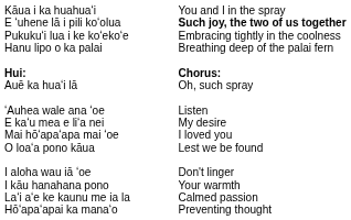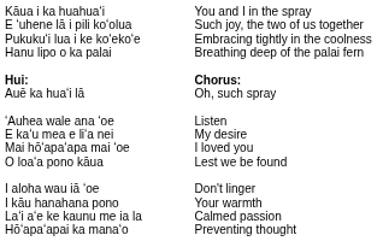 <table cellpadding=0 cellspacing=0>
 <tr>
 <td>Kāua i ka huahuaʻi</td>
 <td>You and I in the spray</td>
 </tr>
 <tr>
 <td>E ʻuhene lā i pili koʻolua</td>
-<td><strong>Such joy, the two of us together</strong></td>
+<td>Such joy, the two of us together</td>
 </tr>
 <tr>
 <td>Pukukuʻi lua i ke koʻekoʻe</td>
 <td>Embracing tightly in the coolness</td>
 </tr>
 <tr>
 <td>Hanu lipo o ka palai</td>
 <td>Breathing deep of the palai fern</td>
 </tr>
 <tr>
 <td style="width:250px;"> </td>
 <td style="width:300px;"> </td>
 </tr>
 <tr>
 <td><strong>Hui:</strong></td>
 <td><strong>Chorus:</strong></td>
 </tr>
 <tr>
 <td>Auē ka huaʻi lā</td>
 <td>Oh, such spray</td>
 </tr>
 <tr>
 <td> </td>
 <td> </td>
 </tr>
 <tr>
 <td>ʻAuhea wale ana ʻoe</td>
 <td>Listen</td>
 </tr>
 <tr>
 <td>E kaʻu mea e liʻa nei</td>
 <td>My desire</td>
 </tr>
 <tr>
 <td>Mai hōʻapaʻapa mai ʻoe</td>
 <td>I loved you</td>
 </tr>
 <tr>
 <td>O loaʻa pono kāua</td>
 <td>Lest we be found</td>
 </tr>
 <tr>
 <td> </td>
 <td> </td>
 </tr>
 <tr>
 <td>I aloha wau iā ʻoe</td>
 <td>Don't linger</td>
 </tr>
 <tr>
 <td>I kāu hanahana pono</td>
 <td>Your warmth</td>
 </tr>
 <tr>
 <td>Laʻi aʻe ke kaunu me ia la</td>
 <td>Calmed passion</td>
 </tr>
 <tr>
 <td>Hōʻapaʻapai ka manaʻo</td>
 <td>Preventing thought</td>
 </tr>
 </table>
